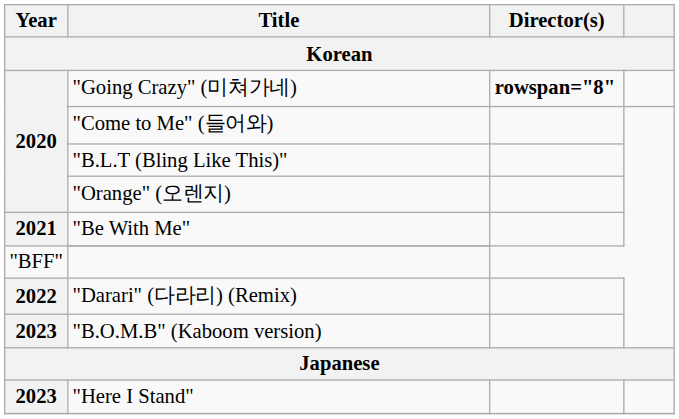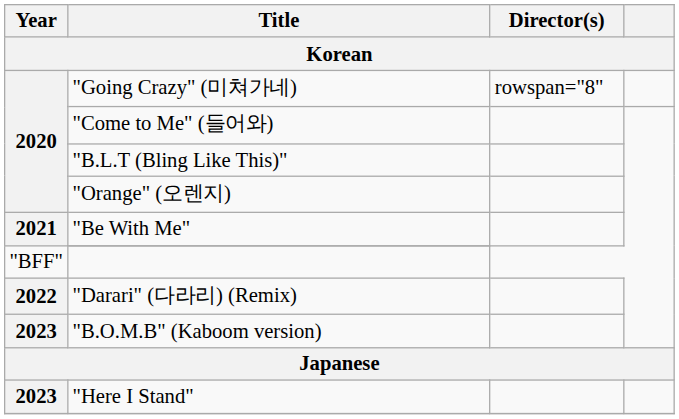 <table class="wikitable sortable plainrowheaders">
 <tr>
 <th>Year</th>
 <th style="width:20em;">Title</th>
 <th style="width:6em;">Director(s)</th>
 <th style="width:2em;" class="unsortable"></th>
 </tr>
 <tr>
 <th colspan="5">Korean</th>
 </tr>
 <tr>
 <th scope="row" rowspan="4">2020</th>
 <td>"Going Crazy" (미쳐가네) </td>
-<td><strong>rowspan="8" </strong></td>
+<td>rowspan="8" </td>
 <td style="text-align:center;"></td>
 </tr>
 <tr>
 <td>"Come to Me" (들어와) </td>
 <td style="text-align:center;"></td>
 </tr>
 <tr>
 <td>"B.L.T (Bling Like This)" </td>
 <td style="text-align:center;"></td>
 </tr>
 <tr>
 <td>"Orange" (오렌지) </td>
 <td style="text-align:center;"></td>
 </tr>
 <tr>
 <th scope="row" rowspan="2">2021</th>
 <td>"Be With Me" </td>
 <td style="text-align:center;"></td>
 </tr>
 <tr>
 </tr>
 <tr>
 <td>"BFF"  </td>
 <td style="text-align:center;"></td>
 </tr>
 <tr>
 <th scope="row">2022</th>
 <td>"Darari" (다라리) (Remix) </td>
 <td style="text-align:center;"></td>
 </tr>
 <tr>
 <th scope="row">2023</th>
 <td>"B.O.M.B" (Kaboom version) </td>
 <td style="text-align:center;"></td>
 </tr>
 <tr>
 <th colspan="5">Japanese</th>
 </tr>
 <tr>
 <th scope="row">2023</th>
 <td>"Here I Stand" </td>
 <td></td>
 <td style="text-align:center;"></td>
 </tr>
 <tr>
 </tr>
 </table>
